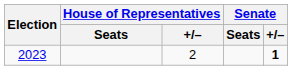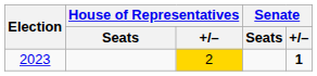 <table class="wikitable" style="text-align:center">
 <tr>
 <th rowspan="2">Election</th>
 <th colspan="2"><a href='#'>House of Representatives</a></th>
 <th colspan="2"><a href='#'>Senate</a></th>
 </tr>
 <tr>
 <th>Seats</th>
 <th>+/–</th>
 <th>Seats</th>
 <th>+/–</th>
 </tr>
 <tr>
 <td><a href='#'>2023</a></td>
 <td></td>
-<td>2</td>
+<td style="background: gold;">2</td>
 <td></td>
 <td><strong> 1</strong></td>
 </tr>
 </table>
